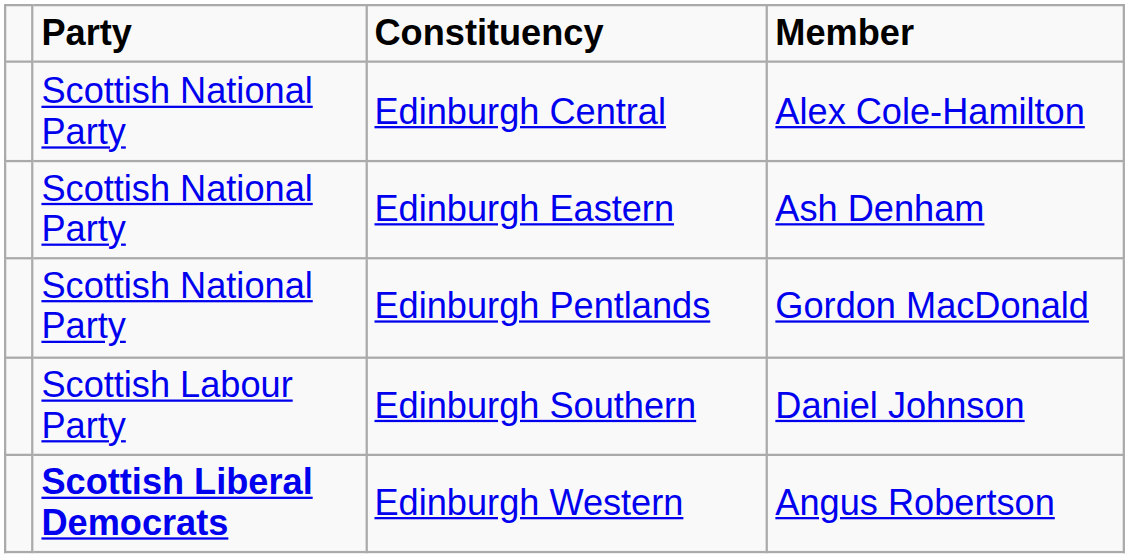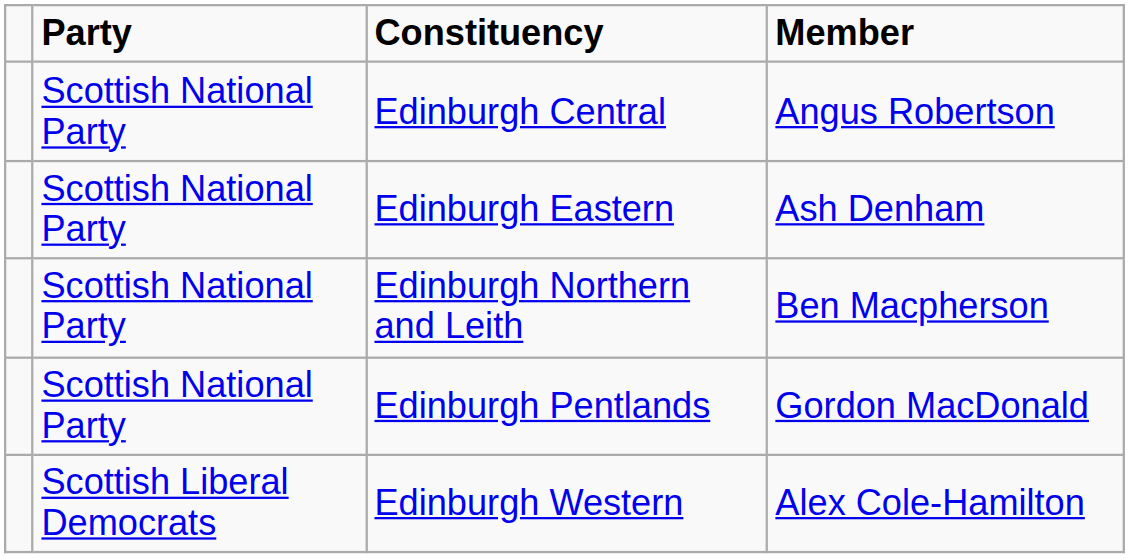 <table class="wikitable">
 <tr>
 <td width="5"></td>
 <td width="140"><strong>Party</strong></td>
 <td width="170"><strong>Constituency</strong></td>
 <td width="150"><strong>Member</strong></td>
 </tr>
 <tr>
 <td style="color:inherit;background:"></td>
 <td><a href='#'>Scottish National Party</a></td>
 <td><a href='#'>Edinburgh Central</a></td>
-<td><a href='#'>Alex Cole-Hamilton</a></td>
+<td><a href='#'>Angus Robertson</a></td>
 </tr>
 <tr>
 <td style="color:inherit;background:"></td>
 <td><a href='#'>Scottish National Party</a></td>
 <td><a href='#'>Edinburgh Eastern</a></td>
 <td><a href='#'>Ash Denham</a></td>
 </tr>
 <tr>
 <td style="color:inherit;background:"></td>
 <td><a href='#'>Scottish National Party</a></td>
+<td><a href='#'>Edinburgh Northern and Leith</a></td>
+<td><a href='#'>Ben Macpherson</a></td>
+</tr>
+<tr>
+<td style="color:inherit;background:"></td>
+<td><a href='#'>Scottish National Party</a></td>
 <td><a href='#'>Edinburgh Pentlands</a></td>
 <td><a href='#'>Gordon MacDonald</a></td>
 </tr>
 <tr>
 <td style="color:inherit;background:"></td>
-<td><a href='#'>Scottish Labour Party</a></td>
-<td><a href='#'>Edinburgh Southern</a></td>
-<td><a href='#'>Daniel Johnson</a></td>
-</tr>
-<tr>
-<td style="color:inherit;background:"></td>
-<td><strong><a href='#'>Scottish Liberal Democrats</a></strong></td>
+<td><a href='#'>Scottish Liberal Democrats</a></td>
 <td><a href='#'>Edinburgh Western</a></td>
-<td><a href='#'>Angus Robertson</a></td>
+<td><a href='#'>Alex Cole-Hamilton</a></td>
 </tr>
 </table>
